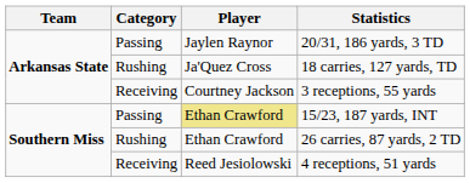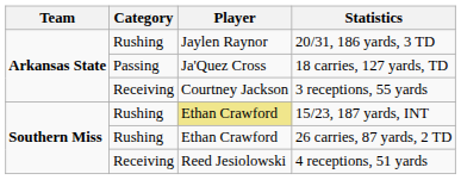 <table class="wikitable" style="float: right;">
 <tr>
 <th>Team</th>
 <th>Category</th>
 <th>Player</th>
 <th>Statistics</th>
 </tr>
 <tr>
 <td rowspan=3><strong>Arkansas State</strong></td>
-<td>Passing</td>
+<td>Rushing</td>
 <td>Jaylen Raynor</td>
 <td>20/31, 186 yards, 3 TD</td>
 </tr>
 <tr>
-<td>Rushing</td>
+<td>Passing</td>
 <td>Ja'Quez Cross</td>
 <td>18 carries, 127 yards, TD</td>
 </tr>
 <tr>
 <td>Receiving</td>
 <td>Courtney Jackson</td>
 <td>3 receptions, 55 yards</td>
 </tr>
 <tr>
 <td rowspan=3><strong>Southern Miss</strong></td>
-<td>Passing</td>
+<td>Rushing</td>
 <td style="background: khaki;">Ethan Crawford</td>
 <td>15/23, 187 yards, INT</td>
 </tr>
 <tr>
 <td>Rushing</td>
 <td>Ethan Crawford</td>
 <td>26 carries, 87 yards, 2 TD</td>
 </tr>
 <tr>
 <td>Receiving</td>
 <td>Reed Jesiolowski</td>
 <td>4 receptions, 51 yards</td>
 </tr>
 </table>
